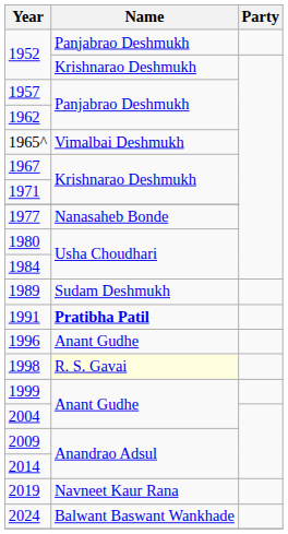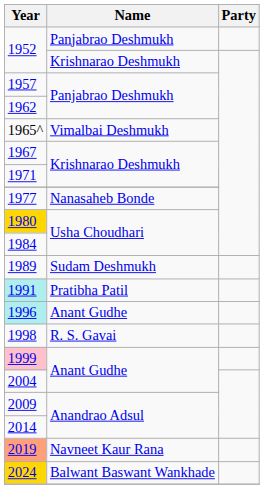 <table class="wikitable">
 <tr>
 <th>Year</th>
 <th>Name</th>
 <th colspan="2">Party</th>
 </tr>
 <tr>
 <td rowspan="2"><a href='#'>1952</a></td>
 <td><a href='#'>Panjabrao Deshmukh</a></td>
 <td></td>
 </tr>
 <tr>
 <td><a href='#'>Krishnarao Deshmukh</a></td>
 </tr>
 <tr>
 <td><a href='#'>1957</a></td>
 <td rowspan="2"><a href='#'>Panjabrao Deshmukh</a></td>
 </tr>
 <tr>
 <td><a href='#'>1962</a></td>
 </tr>
 <tr>
 <td>1965^</td>
 <td><a href='#'>Vimalbai Deshmukh</a></td>
 </tr>
 <tr>
 <td><a href='#'>1967</a></td>
 <td rowspan="2"><a href='#'>Krishnarao Deshmukh</a></td>
 </tr>
 <tr>
 <td><a href='#'>1971</a></td>
 </tr>
 <tr>
 </tr>
 <tr>
 <td><a href='#'>1977</a></td>
 <td><a href='#'>Nanasaheb Bonde</a></td>
 </tr>
 <tr>
-<td><a href='#'>1980</a></td>
+<td style="background: gold;"><a href='#'>1980</a></td>
 <td rowspan="2"><a href='#'>Usha Choudhari</a></td>
 </tr>
 <tr>
 <td><a href='#'>1984</a></td>
 </tr>
 <tr>
 <td><a href='#'>1989</a></td>
 <td><a href='#'>Sudam Deshmukh</a></td>
 <td></td>
 </tr>
 <tr>
-<td><a href='#'>1991</a></td>
-<td><strong><a href='#'>Pratibha Patil</a></strong></td>
+<td style="background: paleturquoise;"><a href='#'>1991</a></td>
+<td><a href='#'>Pratibha Patil</a></td>
 <td></td>
 </tr>
 <tr>
-<td><a href='#'>1996</a></td>
+<td style="background: paleturquoise;"><a href='#'>1996</a></td>
 <td><a href='#'>Anant Gudhe</a></td>
 <td></td>
 </tr>
 <tr>
 <td><a href='#'>1998</a></td>
-<td style="background: lightyellow;"><a href='#'>R. S. Gavai</a></td>
+<td><a href='#'>R. S. Gavai</a></td>
 <td></td>
 </tr>
 <tr>
-<td><a href='#'>1999</a></td>
+<td style="background: pink;"><a href='#'>1999</a></td>
 <td rowspan="2"><a href='#'>Anant Gudhe</a></td>
 <td></td>
 </tr>
 <tr>
 <td><a href='#'>2004</a></td>
 </tr>
 <tr>
 <td><a href='#'>2009</a></td>
 <td rowspan="2"><a href='#'>Anandrao Adsul</a></td>
 </tr>
 <tr>
 <td><a href='#'>2014</a></td>
 </tr>
 <tr>
-<td><a href='#'>2019</a></td>
+<td style="background: lightsalmon;"><a href='#'>2019</a></td>
 <td><a href='#'>Navneet Kaur Rana</a></td>
 <td></td>
 </tr>
 <tr>
-<td><a href='#'>2024</a></td>
+<td style="background: gold;"><a href='#'>2024</a></td>
 <td><a href='#'>Balwant Baswant Wankhade</a></td>
 <td></td>
 </tr>
 <tr>
 </tr>
 </table>
